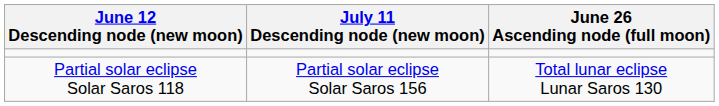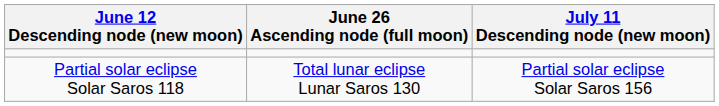 <table class="wikitable">
 <tr>
 <th><a href='#'>June 12</a><br>Descending node (new moon)<br></th>
+<th>June 26<br>Ascending node (full moon)<br></th>
 <th><a href='#'>July 11</a><br>Descending node (new moon)<br></th>
-<th>June 26<br>Ascending node (full moon)<br></th>
 </tr>
 <tr>
 <td></td>
 <td></td>
 <td></td>
 </tr>
 <tr align=center>
 <td><a href='#'>Partial solar eclipse</a><br>Solar Saros 118</td>
+<td><a href='#'>Total lunar eclipse</a><br>Lunar Saros 130</td>
 <td><a href='#'>Partial solar eclipse</a><br>Solar Saros 156</td>
-<td><a href='#'>Total lunar eclipse</a><br>Lunar Saros 130</td>
 </tr>
 </table>
